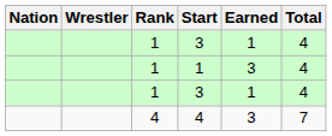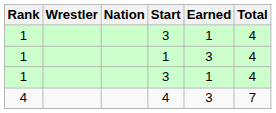 <table class="wikitable sortable" style="text-align:center;">
 <tr>
+<th>Rank</th>
+<th>Wrestler</th>
 <th>Nation</th>
-<th>Wrestler</th>
-<th>Rank</th>
 <th>Start</th>
 <th>Earned</th>
 <th>Total</th>
 </tr>
 <tr style="background:#cfc;">
+<td>1</td>
 <td align=left></td>
 <td align=left></td>
-<td>1</td>
 <td>3</td>
 <td>1</td>
 <td>4</td>
 </tr>
 <tr style="background:#cfc;">
+<td>1</td>
 <td align=left></td>
 <td align=left></td>
-<td>1</td>
 <td>1</td>
 <td>3</td>
 <td>4</td>
 </tr>
 <tr style="background:#cfc;">
+<td>1</td>
 <td align=left></td>
 <td align=left></td>
-<td>1</td>
 <td>3</td>
 <td>1</td>
 <td>4</td>
 </tr>
 <tr>
+<td>4</td>
 <td align=left></td>
 <td align=left></td>
-<td>4</td>
 <td>4</td>
 <td>3</td>
 <td>7</td>
 </tr>
 </table>
